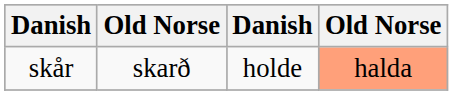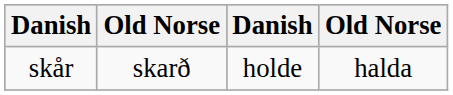 <table class="wikitable floatright" style="text-align:center;">
 <tr>
 <th>Danish</th>
 <th>Old Norse</th>
 <th>Danish</th>
 <th>Old Norse</th>
 </tr>
 <tr>
 <td>skår</td>
 <td>skarð</td>
 <td>holde</td>
-<td style="background: lightsalmon;">halda</td>
+<td>halda</td>
 </tr>
 </table>
